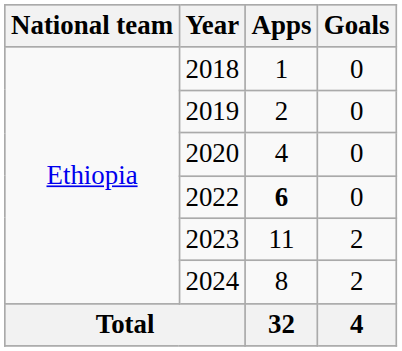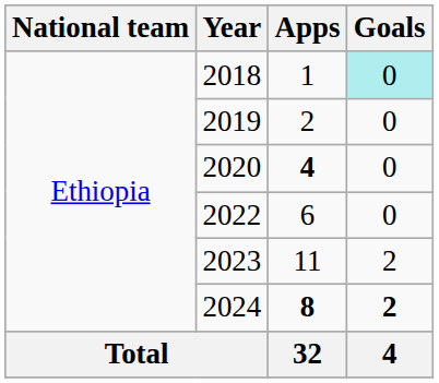 <table class="wikitable" style="text-align:center">
 <tr>
 <th>National team</th>
 <th>Year</th>
 <th>Apps</th>
 <th>Goals</th>
 </tr>
 <tr>
 <td rowspan="6"><a href='#'>Ethiopia</a></td>
 <td>2018</td>
 <td>1</td>
-<td>0</td>
+<td style="background: paleturquoise;">0</td>
 </tr>
 <tr>
 <td>2019</td>
 <td>2</td>
 <td>0</td>
 </tr>
 <tr>
 <td>2020</td>
-<td>4</td>
+<td><strong>4</strong></td>
 <td>0</td>
 </tr>
 <tr>
 <td>2022</td>
-<td><strong>6</strong></td>
+<td>6</td>
 <td>0</td>
 </tr>
 <tr>
 <td>2023</td>
 <td>11</td>
 <td>2</td>
 </tr>
 <tr>
 <td>2024</td>
-<td>8</td>
-<td>2</td>
+<td><strong>8</strong></td>
+<td><strong>2</strong></td>
 </tr>
 <tr>
 <th colspan="2">Total</th>
 <th>32</th>
 <th>4</th>
 </tr>
 </table>
